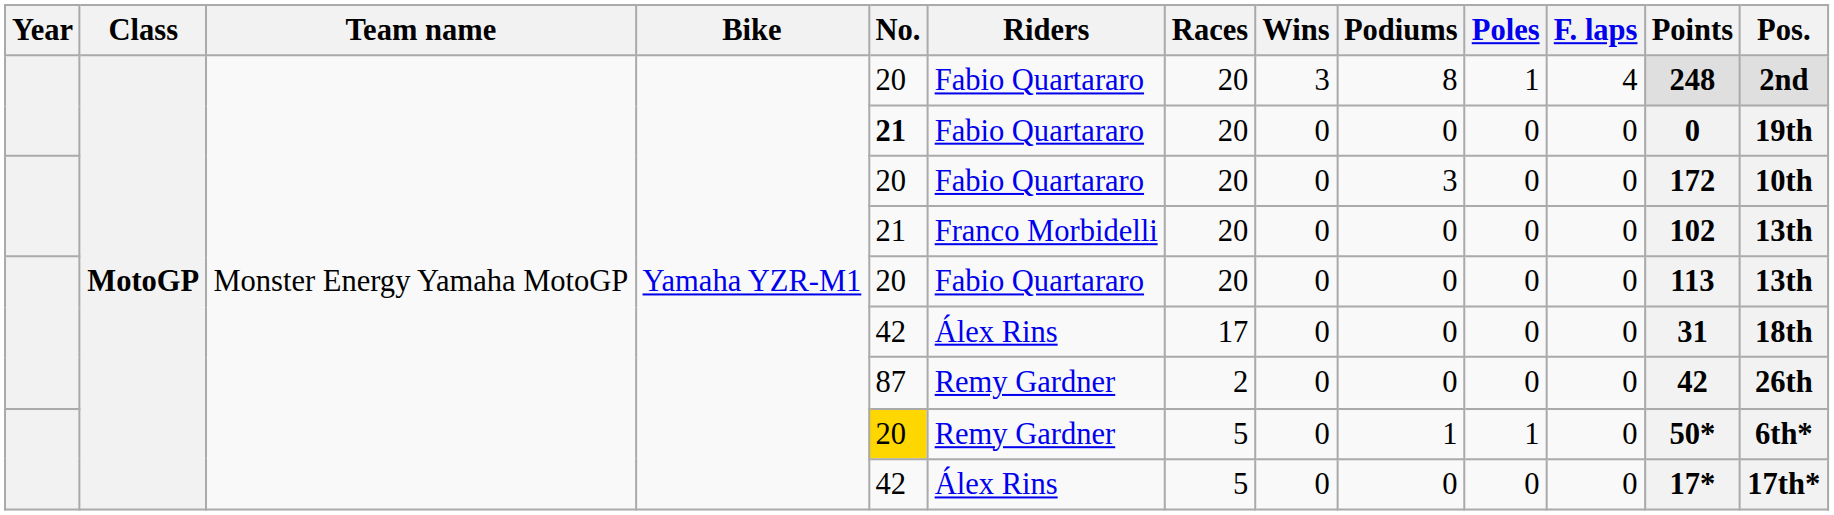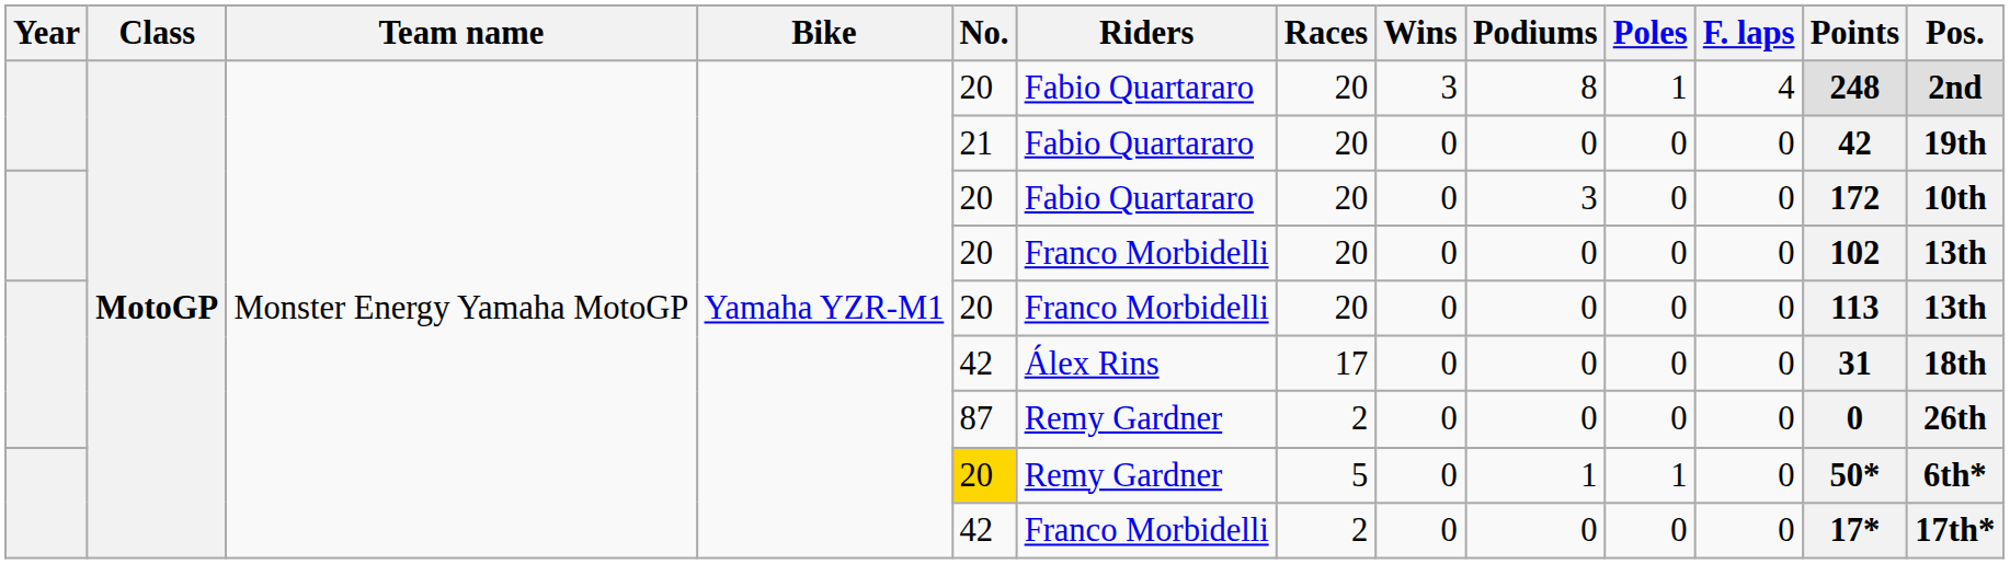 <table class="wikitable" style="text-align:right; font-size:95%;">
 <tr>
 <th>Year</th>
 <th>Class</th>
 <th>Team name</th>
 <th>Bike</th>
 <th>No.</th>
 <th>Riders</th>
 <th>Races</th>
 <th>Wins</th>
 <th>Podiums</th>
 <th><a href='#'>Poles</a></th>
 <th><a href='#'>F. laps</a></th>
 <th>Points</th>
 <th>Pos.</th>
 </tr>
 <tr>
 <th rowspan="2"></th>
 <th rowspan="9">MotoGP</th>
 <td rowspan="9">Monster Energy Yamaha MotoGP</td>
 <td style="text-align:left;" rowspan="9"><a href='#'>Yamaha YZR-M1</a></td>
 <td style="text-align:left;">20</td>
 <td style="text-align:left;"> <a href='#'>Fabio Quartararo</a></td>
 <td>20</td>
 <td>3</td>
 <td>8</td>
 <td>1</td>
 <td>4</td>
 <th style="background:#DFDFDF;">248</th>
 <th style="background:#DFDFDF;">2nd</th>
 </tr>
 <tr>
-<td style="text-align:left;"><strong>21</strong></td>
+<td style="text-align:left;">21</td>
 <td style="text-align:left;"> <a href='#'>Fabio Quartararo</a></td>
 <td>20</td>
 <td>0</td>
 <td>0</td>
 <td>0</td>
 <td>0</td>
-<th>0</th>
+<th>42</th>
 <th>19th</th>
 </tr>
 <tr>
 <th rowspan="2"></th>
 <td style="text-align:left;">20</td>
 <td style="text-align:left;"> <a href='#'>Fabio Quartararo</a></td>
 <td>20</td>
 <td>0</td>
 <td>3</td>
 <td>0</td>
 <td>0</td>
 <th>172</th>
 <th>10th</th>
 </tr>
 <tr>
-<td style="text-align:left;">21</td>
+<td style="text-align:left;">20</td>
 <td style="text-align:left;"> <a href='#'>Franco Morbidelli</a></td>
 <td>20</td>
 <td>0</td>
 <td>0</td>
 <td>0</td>
 <td>0</td>
 <th>102</th>
 <th>13th</th>
 </tr>
 <tr>
 <th rowspan="3"></th>
 <td style="text-align:left;">20</td>
-<td style="text-align:left;"> <a href='#'>Fabio Quartararo</a></td>
+<td style="text-align:left;"> <a href='#'>Franco Morbidelli</a></td>
 <td>20</td>
 <td>0</td>
 <td>0</td>
 <td>0</td>
 <td>0</td>
 <th>113</th>
 <th>13th</th>
 </tr>
 <tr>
 <td style="text-align:left;">42</td>
 <td style="text-align:left;"> <a href='#'>Álex Rins</a></td>
 <td>17</td>
 <td>0</td>
 <td>0</td>
 <td>0</td>
 <td>0</td>
 <th>31</th>
 <th>18th</th>
 </tr>
 <tr>
 <td style="text-align:left;">87</td>
 <td style="text-align:left;"> <a href='#'>Remy Gardner</a></td>
 <td>2</td>
 <td>0</td>
 <td>0</td>
 <td>0</td>
 <td>0</td>
-<th>42</th>
+<th>0</th>
 <th>26th</th>
 </tr>
 <tr>
 <th rowspan="2"></th>
 <td style="background: gold; text-align:left;">20</td>
 <td style="text-align:left;"> <a href='#'>Remy Gardner</a></td>
 <td>5</td>
 <td>0</td>
 <td>1</td>
 <td>1</td>
 <td>0</td>
 <th>50*</th>
 <th>6th*</th>
 </tr>
 <tr>
 <td style="text-align:left;">42</td>
-<td style="text-align:left;"> <a href='#'>Álex Rins</a></td>
-<td>5</td>
+<td style="text-align:left;"> <a href='#'>Franco Morbidelli</a></td>
+<td>2</td>
 <td>0</td>
 <td>0</td>
 <td>0</td>
 <td>0</td>
 <th>17*</th>
 <th>17th*</th>
 </tr>
 </table>
